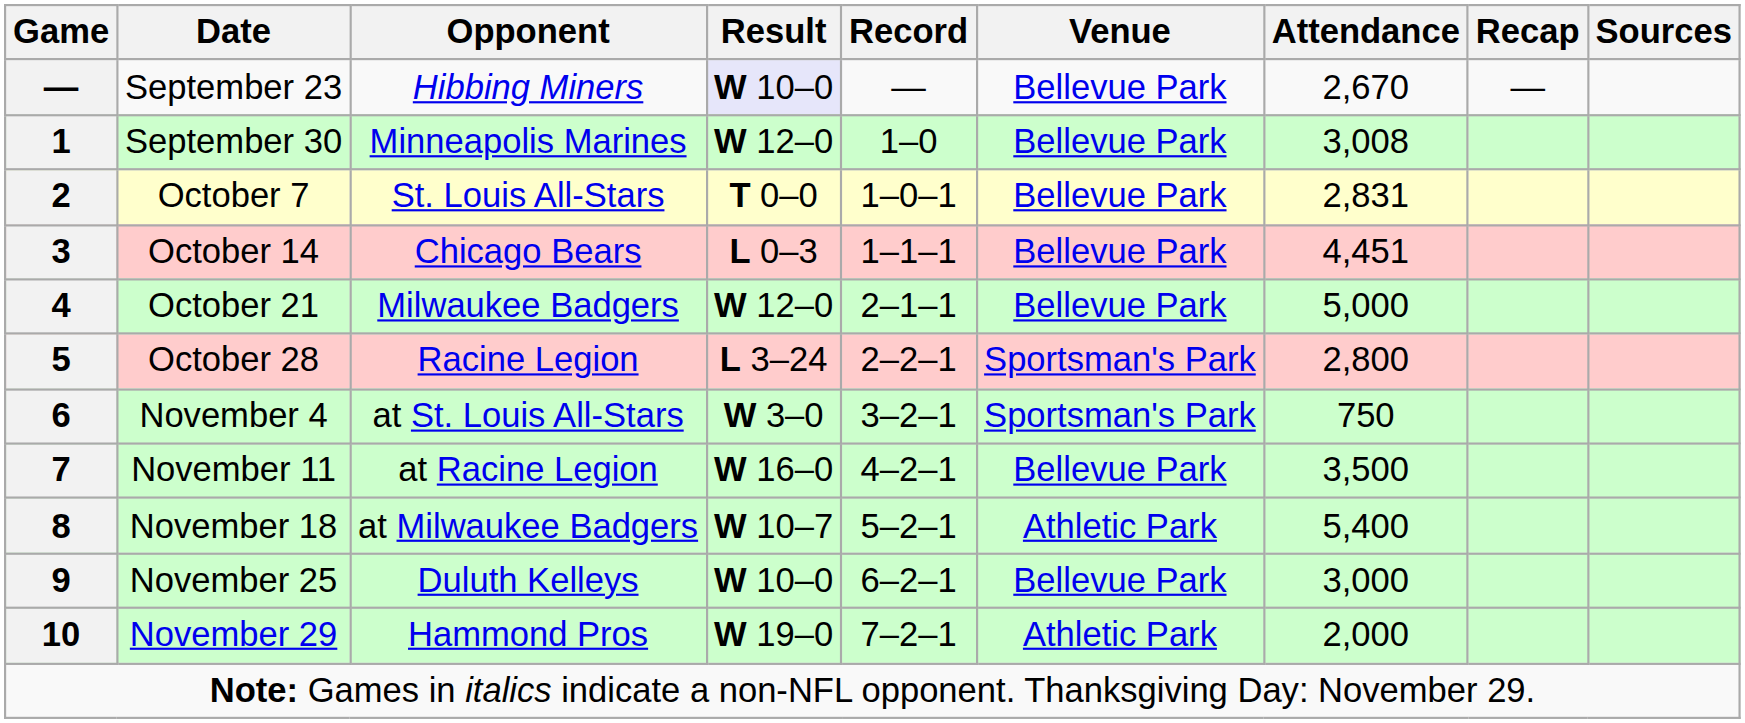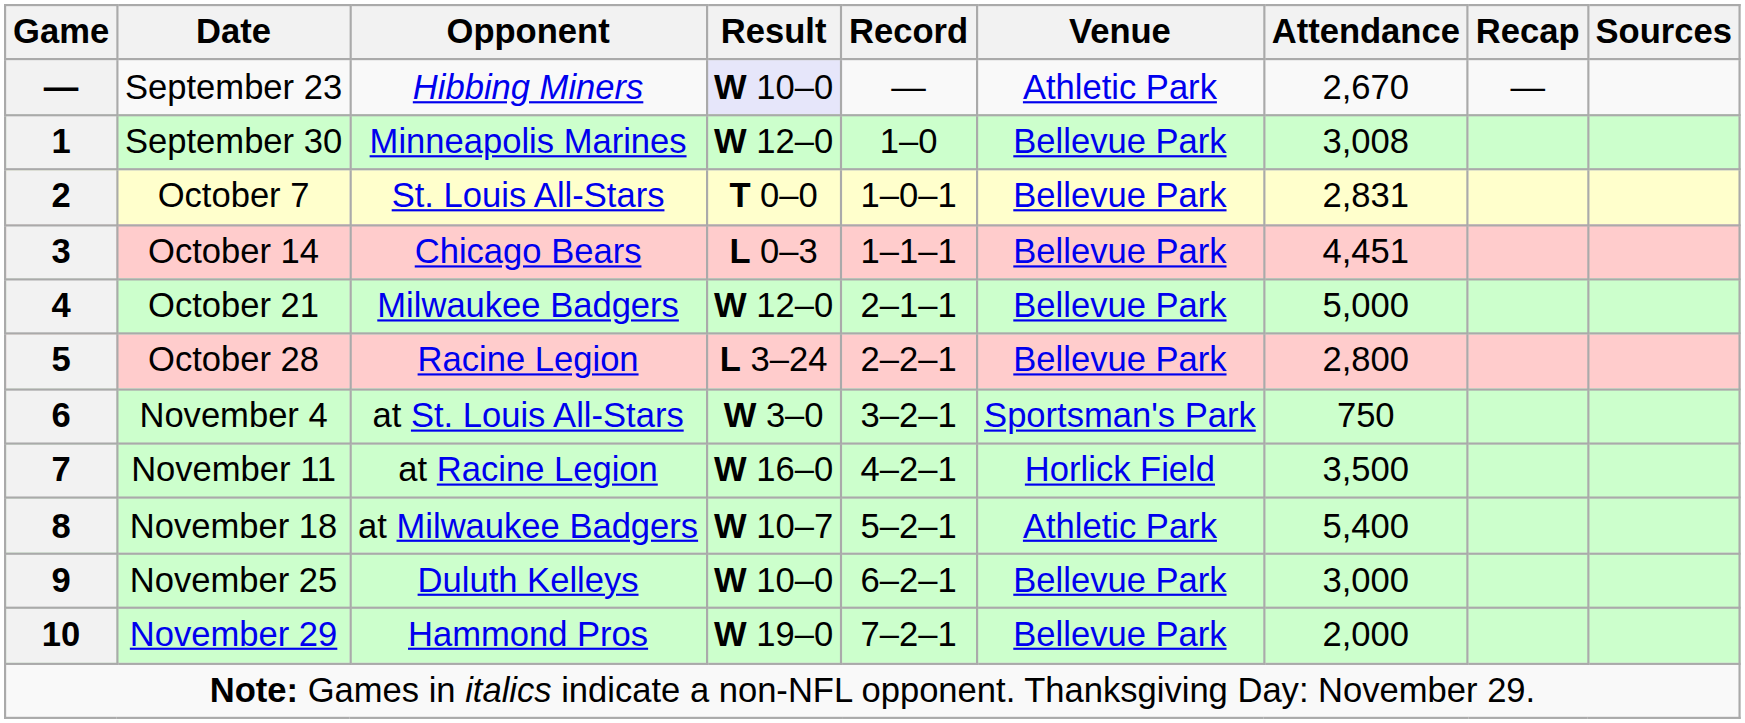 <table class="wikitable" style="text-align:center">
 <tr>
 <th>Game</th>
 <th>Date</th>
 <th>Opponent</th>
 <th>Result</th>
 <th>Record</th>
 <th>Venue</th>
 <th>Attendance</th>
 <th>Recap</th>
 <th>Sources</th>
 </tr>
 <tr>
 <th>—</th>
 <td>September 23</td>
 <td><em><a href='#'>Hibbing Miners</a></em></td>
 <td style="background: lavender;"><strong>W</strong> 10–0</td>
 <td>—</td>
-<td><a href='#'>Bellevue Park</a></td>
+<td><a href='#'>Athletic Park</a></td>
 <td>2,670</td>
 <td>—</td>
 <td></td>
 </tr>
 <tr style="background:#cfc">
 <th>1</th>
 <td>September 30</td>
 <td><a href='#'>Minneapolis Marines</a></td>
 <td><strong>W</strong> 12–0</td>
 <td>1–0</td>
 <td><a href='#'>Bellevue Park</a></td>
 <td>3,008 </td>
 <td></td>
 <td></td>
 </tr>
 <tr style="background:#ffc">
 <th>2</th>
 <td>October 7</td>
 <td><a href='#'>St. Louis All-Stars</a></td>
 <td><strong>T</strong> 0–0</td>
 <td>1–0–1</td>
 <td><a href='#'>Bellevue Park</a></td>
 <td>2,831</td>
 <td></td>
 <td></td>
 </tr>
 <tr style="background:#fcc">
 <th>3</th>
 <td>October 14</td>
 <td><a href='#'>Chicago Bears</a></td>
 <td><strong>L</strong> 0–3</td>
 <td>1–1–1</td>
 <td><a href='#'>Bellevue Park</a></td>
 <td>4,451</td>
 <td></td>
 <td></td>
 </tr>
 <tr style="background:#cfc">
 <th>4</th>
 <td>October 21</td>
 <td><a href='#'>Milwaukee Badgers</a></td>
 <td><strong>W</strong> 12–0</td>
 <td>2–1–1</td>
 <td><a href='#'>Bellevue Park</a></td>
 <td>5,000</td>
 <td></td>
 <td></td>
 </tr>
 <tr style="background:#fcc">
 <th>5</th>
 <td>October 28</td>
 <td><a href='#'>Racine Legion</a></td>
 <td><strong>L</strong> 3–24</td>
 <td>2–2–1</td>
-<td><a href='#'>Sportsman's Park</a></td>
+<td><a href='#'>Bellevue Park</a></td>
 <td>2,800</td>
 <td></td>
 <td></td>
 </tr>
 <tr style="background:#cfc">
 <th>6</th>
 <td>November 4</td>
 <td>at <a href='#'>St. Louis All-Stars</a></td>
 <td><strong>W</strong> 3–0</td>
 <td>3–2–1</td>
 <td><a href='#'>Sportsman's Park</a></td>
 <td>750</td>
 <td></td>
 <td></td>
 </tr>
 <tr style="background:#cfc">
 <th>7</th>
 <td>November 11</td>
 <td>at <a href='#'>Racine Legion</a></td>
 <td><strong>W</strong> 16–0</td>
 <td>4–2–1</td>
-<td><a href='#'>Bellevue Park</a></td>
+<td><a href='#'>Horlick Field</a></td>
 <td>3,500</td>
 <td></td>
 <td></td>
 </tr>
 <tr style="background:#cfc">
 <th>8</th>
 <td>November 18</td>
 <td>at <a href='#'>Milwaukee Badgers</a></td>
 <td><strong>W</strong> 10–7</td>
 <td>5–2–1</td>
 <td><a href='#'>Athletic Park</a></td>
 <td>5,400</td>
 <td></td>
 <td></td>
 </tr>
 <tr style="background:#cfc">
 <th>9</th>
 <td>November 25</td>
 <td><a href='#'>Duluth Kelleys</a></td>
 <td><strong>W</strong> 10–0</td>
 <td>6–2–1</td>
 <td><a href='#'>Bellevue Park</a></td>
 <td>3,000</td>
 <td></td>
 <td></td>
 </tr>
 <tr style="background:#cfc">
 <th>10</th>
 <td><a href='#'>November 29</a></td>
 <td><a href='#'>Hammond Pros</a></td>
 <td><strong>W</strong> 19–0</td>
 <td>7–2–1</td>
-<td><a href='#'>Athletic Park</a></td>
+<td><a href='#'>Bellevue Park</a></td>
 <td>2,000</td>
 <td></td>
 <td></td>
 </tr>
 <tr>
 <td colspan="10"><strong>Note:</strong> Games in <em>italics</em> indicate a non-NFL opponent. Thanksgiving Day: November 29.</td>
 </tr>
 </table>
